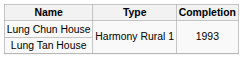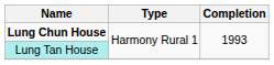 <table class="wikitable" style="text-align: center">
 <tr>
 <th>Name</th>
 <th>Type</th>
 <th>Completion</th>
 </tr>
 <tr>
-<td>Lung Chun House</td>
+<td><strong>Lung Chun House</strong></td>
 <td rowspan="2">Harmony Rural 1</td>
 <td rowspan="2">1993</td>
 </tr>
 <tr>
-<td>Lung Tan House</td>
+<td style="background: paleturquoise;">Lung Tan House</td>
 </tr>
 <tr>
 </tr>
 </table>
